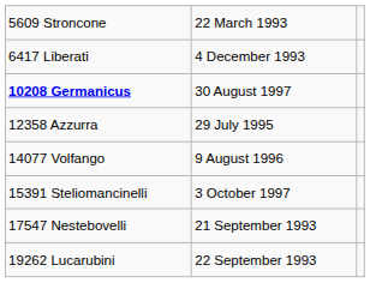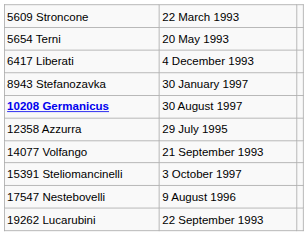 <table class="wikitable" style="font-size: 89%; float: left; width: 26em; margin-right: 1em; height: 280px;">
 <tr>
 <td>5609 Stroncone</td>
 <td>22 March 1993</td>
 <td></td>
 </tr>
 <tr>
+<td>5654 Terni</td>
+<td>20 May 1993</td>
+<td></td>
+</tr>
+<tr>
 <td>6417 Liberati</td>
 <td>4 December 1993</td>
+<td></td>
+</tr>
+<tr>
+<td>8943 Stefanozavka</td>
+<td>30 January 1997</td>
 <td></td>
 </tr>
 <tr>
 <td><strong><a href='#'>10208 Germanicus</a></strong></td>
 <td>30 August 1997</td>
 <td></td>
 </tr>
 <tr>
 <td>12358 Azzurra</td>
 <td>29 July 1995</td>
 <td></td>
 </tr>
 <tr>
 <td>14077 Volfango</td>
-<td>9 August 1996</td>
+<td>21 September 1993</td>
 <td></td>
 </tr>
 <tr>
 <td>15391 Steliomancinelli</td>
 <td>3 October 1997</td>
 <td></td>
 </tr>
 <tr>
 <td>17547 Nestebovelli</td>
-<td>21 September 1993</td>
+<td>9 August 1996</td>
 <td></td>
 </tr>
 <tr>
 <td>19262 Lucarubini</td>
 <td>22 September 1993</td>
 <td></td>
 </tr>
 </table>
